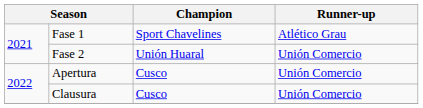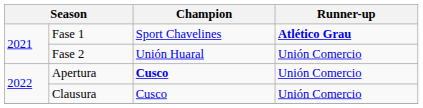 <table class="wikitable sortable">
 <tr>
 <th width="150" colspan="2">Season</th>
 <th width="175">Champion</th>
 <th width="175">Runner-up</th>
 </tr>
 <tr>
 <td rowspan=2 width=50><a href='#'>2021</a></td>
 <td width=100>Fase 1</td>
 <td><a href='#'>Sport Chavelines</a></td>
-<td><a href='#'>Atlético Grau</a></td>
+<td><strong><a href='#'>Atlético Grau</a></strong></td>
 </tr>
 <tr>
 <td>Fase 2</td>
 <td><a href='#'>Unión Huaral</a></td>
 <td><a href='#'>Unión Comercio</a></td>
 </tr>
 <tr>
 <td rowspan=2 width=50><a href='#'>2022</a></td>
 <td width=100>Apertura</td>
-<td><a href='#'>Cusco</a></td>
+<td><strong><a href='#'>Cusco</a></strong></td>
 <td><a href='#'>Unión Comercio</a></td>
 </tr>
 <tr>
 <td>Clausura</td>
 <td><a href='#'>Cusco</a></td>
 <td><a href='#'>Unión Comercio</a></td>
 </tr>
 <tr>
 </tr>
 </table>
